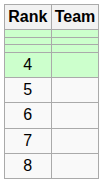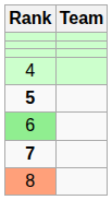 <table class=wikitable style="text-align:center;">
 <tr>
 <th>Rank</th>
 <th>Team</th>
 </tr>
 <tr bgcolor=ccffcc>
 <td></td>
 <td align=left></td>
 </tr>
 <tr bgcolor=ccffcc>
 <td></td>
 <td align=left></td>
 </tr>
 <tr bgcolor=ccffcc>
 <td></td>
 <td align=left></td>
 </tr>
 <tr bgcolor=ccffcc>
 <td>4</td>
 <td align=left></td>
 </tr>
 <tr>
-<td>5</td>
+<td><strong>5</strong></td>
 <td align=left></td>
 </tr>
 <tr>
-<td>6</td>
+<td style="background: lightgreen;">6</td>
 <td align=left></td>
 </tr>
 <tr>
-<td>7</td>
+<td><strong>7</strong></td>
 <td align=left></td>
 </tr>
 <tr>
-<td>8</td>
+<td style="background: lightsalmon;">8</td>
 <td align=left></td>
 </tr>
 </table>
